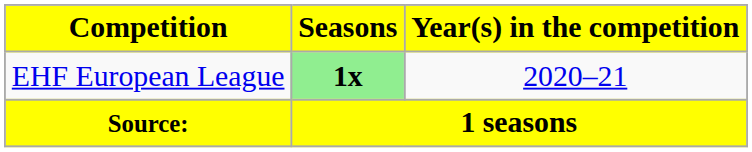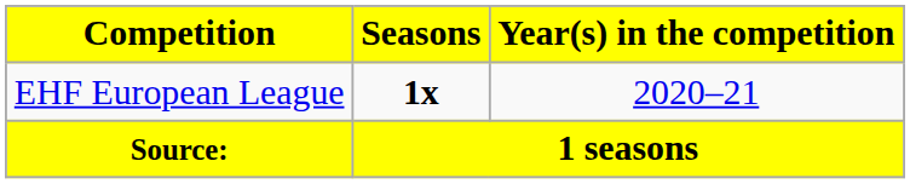 <table class="wikitable" style="text-align: center">
 <tr>
 <th style="color:black; background:yellow">Competition</th>
 <th style="color:black; background:yellow">Seasons</th>
 <th style="color:black; background:yellow">Year(s) in the competition</th>
 </tr>
 <tr>
 <td align=left><a href='#'>EHF European League</a></td>
-<td style="background: lightgreen;"><strong>1x</strong></td>
+<td><strong>1x</strong></td>
 <td><a href='#'>2020–21</a></td>
 </tr>
 <tr>
 <th style="color:black; background:yellow"><small>Source: </small></th>
 <th colspan="2" ! style="color:black; background:yellow">1 seasons </th>
 </tr>
 </table>
